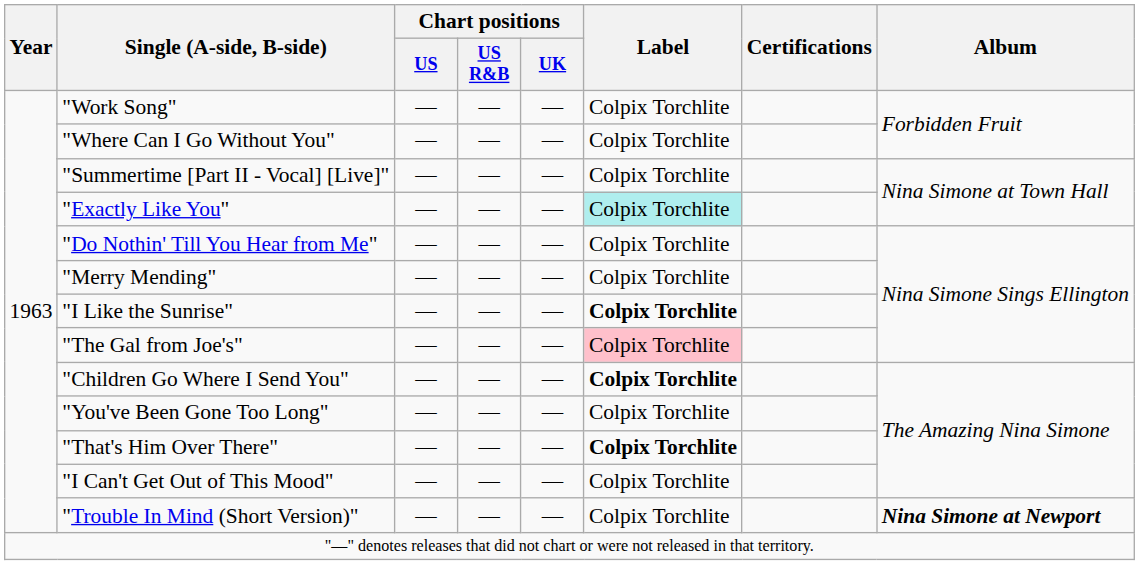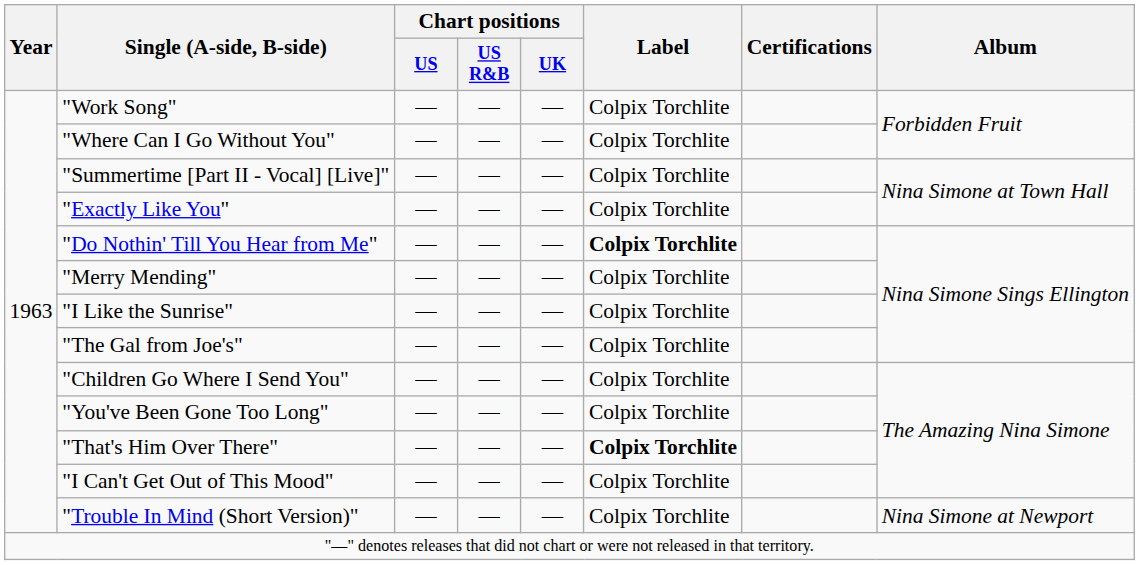 <table class="wikitable" style="text-align:center;">
 <tr>
 <th rowspan="2">Year</th>
 <th rowspan="2">Single (A-side, B-side)<br></th>
 <th colspan="3">Chart positions</th>
 <th rowspan="2">Label</th>
 <th rowspan="2">Certifications</th>
 <th rowspan="2">Album</th>
 </tr>
 <tr>
 <th scope="col" style="width:3em;font-size:85%;"><a href='#'>US</a><br></th>
 <th scope="col" style="width:3em;font-size:85%;"><a href='#'>US<br>R&B</a><br></th>
 <th scope="col" style="width:3em;font-size:85%;"><a href='#'>UK</a><br></th>
 </tr>
 <tr>
 <td rowspan="13">1963</td>
 <td style="text-align:left;">"Work Song"<br></td>
 <td>—</td>
 <td>—</td>
 <td>—</td>
 <td style="text-align:left;">Colpix Torchlite</td>
 <td></td>
 <td style="text-align:left;" rowspan=2><em>Forbidden Fruit</em></td>
 </tr>
 <tr>
 <td style="text-align:left;">"Where Can I Go Without You"<br></td>
 <td>—</td>
 <td>—</td>
 <td>—</td>
 <td style="text-align:left;">Colpix Torchlite</td>
 <td></td>
 </tr>
 <tr>
 <td style="text-align:left;">"Summertime [Part II - Vocal] [Live]"<br></td>
 <td>—</td>
 <td>—</td>
 <td>—</td>
 <td style="text-align:left;">Colpix Torchlite</td>
 <td></td>
 <td style="text-align:left;" rowspan=2><em>Nina Simone at Town Hall</em></td>
 </tr>
 <tr>
 <td style="text-align:left;">"<a href='#'>Exactly Like You</a>"<br></td>
 <td>—</td>
 <td>—</td>
 <td>—</td>
-<td style="background: paleturquoise; text-align:left;">Colpix Torchlite</td>
+<td style="text-align:left;">Colpix Torchlite</td>
 <td></td>
 </tr>
 <tr>
 <td style="text-align:left;">"<a href='#'>Do Nothin' Till You Hear from Me</a>"<br></td>
 <td>—</td>
 <td>—</td>
 <td>—</td>
-<td style="text-align:left;">Colpix Torchlite</td>
+<td style="text-align:left;"><strong>Colpix Torchlite</strong></td>
 <td></td>
 <td style="text-align:left;" rowspan=4><em>Nina Simone Sings Ellington</em></td>
 </tr>
 <tr>
 <td style="text-align:left;">"Merry Mending"<br></td>
 <td>—</td>
 <td>—</td>
 <td>—</td>
 <td style="text-align:left;">Colpix Torchlite</td>
 <td></td>
 </tr>
 <tr>
 <td style="text-align:left;">"I Like the Sunrise"<br></td>
 <td>—</td>
 <td>—</td>
 <td>—</td>
-<td style="text-align:left;"><strong>Colpix Torchlite</strong></td>
+<td style="text-align:left;">Colpix Torchlite</td>
 <td></td>
 </tr>
 <tr>
 <td style="text-align:left;">"The Gal from Joe's"<br></td>
 <td>—</td>
 <td>—</td>
 <td>—</td>
-<td style="background: pink; text-align:left;">Colpix Torchlite</td>
+<td style="text-align:left;">Colpix Torchlite</td>
 <td></td>
 </tr>
 <tr>
 <td style="text-align:left;">"Children Go Where I Send You"<br></td>
 <td>—</td>
 <td>—</td>
 <td>—</td>
-<td style="text-align:left;"><strong>Colpix Torchlite</strong></td>
+<td style="text-align:left;">Colpix Torchlite</td>
 <td></td>
 <td style="text-align:left;" rowspan=4><em>The Amazing Nina Simone</em></td>
 </tr>
 <tr>
 <td style="text-align:left;">"You've Been Gone Too Long"<br></td>
 <td>—</td>
 <td>—</td>
 <td>—</td>
 <td style="text-align:left;">Colpix Torchlite</td>
 <td></td>
 </tr>
 <tr>
 <td style="text-align:left;">"That's Him Over There"<br></td>
 <td>—</td>
 <td>—</td>
 <td>—</td>
 <td style="text-align:left;"><strong>Colpix Torchlite</strong></td>
 </tr>
 <tr>
 <td style="text-align:left;">"I Can't Get Out of This Mood"<br></td>
 <td>—</td>
 <td>—</td>
 <td>—</td>
 <td style="text-align:left;">Colpix Torchlite</td>
 <td></td>
 </tr>
 <tr>
 <td style="text-align:left;">"<a href='#'>Trouble In Mind</a> (Short Version)"<br></td>
 <td>—</td>
 <td>—</td>
 <td>—</td>
 <td style="text-align:left;">Colpix Torchlite</td>
 <td></td>
-<td style="text-align:left;"><strong><em>Nina Simone at Newport</em></strong></td>
+<td style="text-align:left;"><em>Nina Simone at Newport</em></td>
 </tr>
 <tr>
 <td colspan="8" style="text-align:center; font-size:9pt;">"—" denotes releases that did not chart or were not released in that territory.</td>
 </tr>
 </table>
